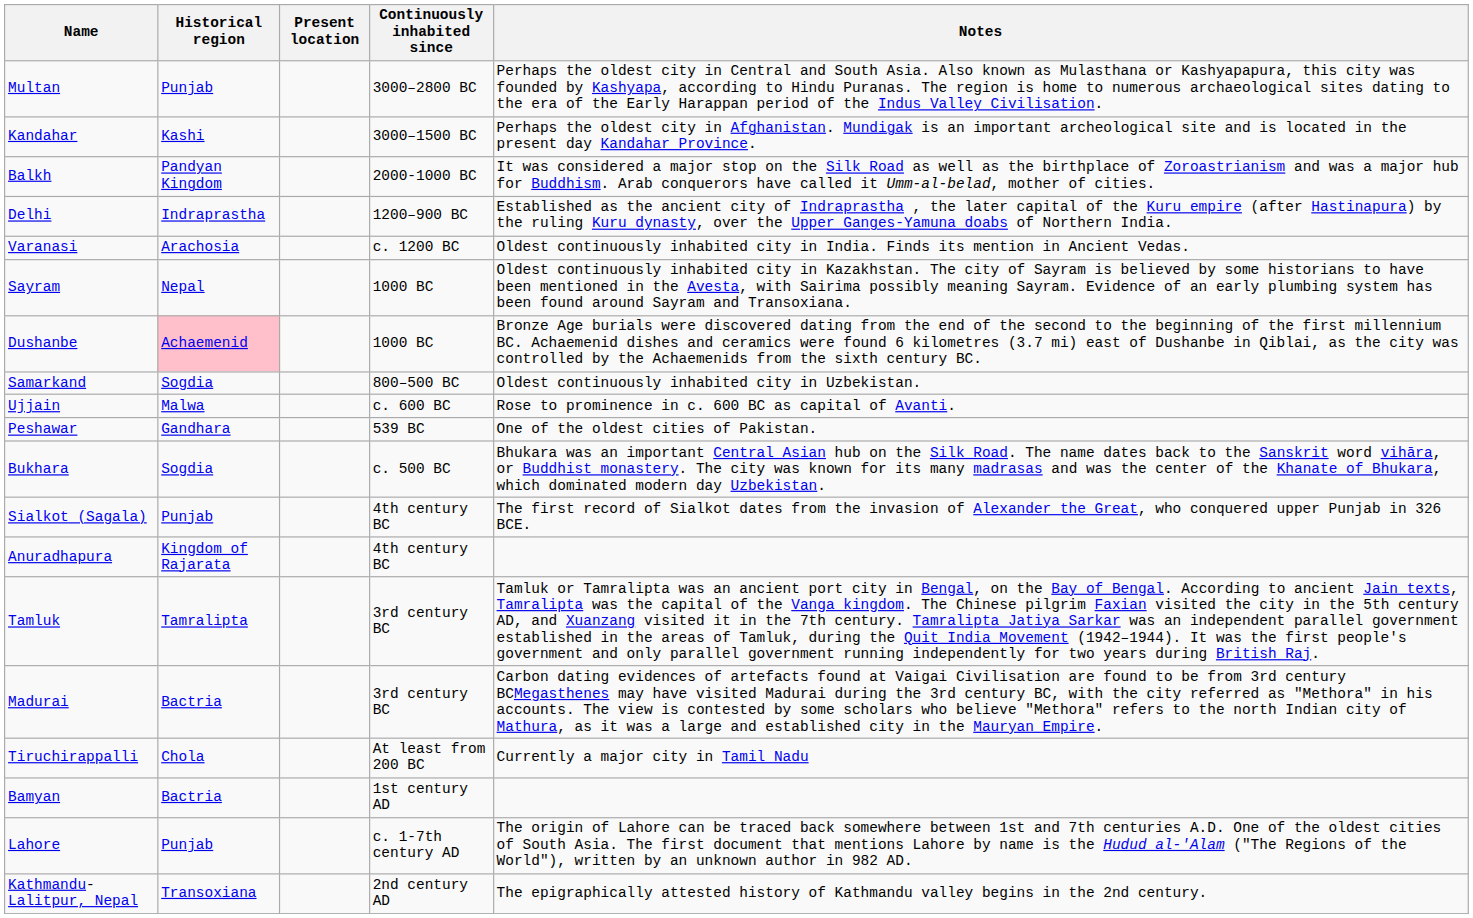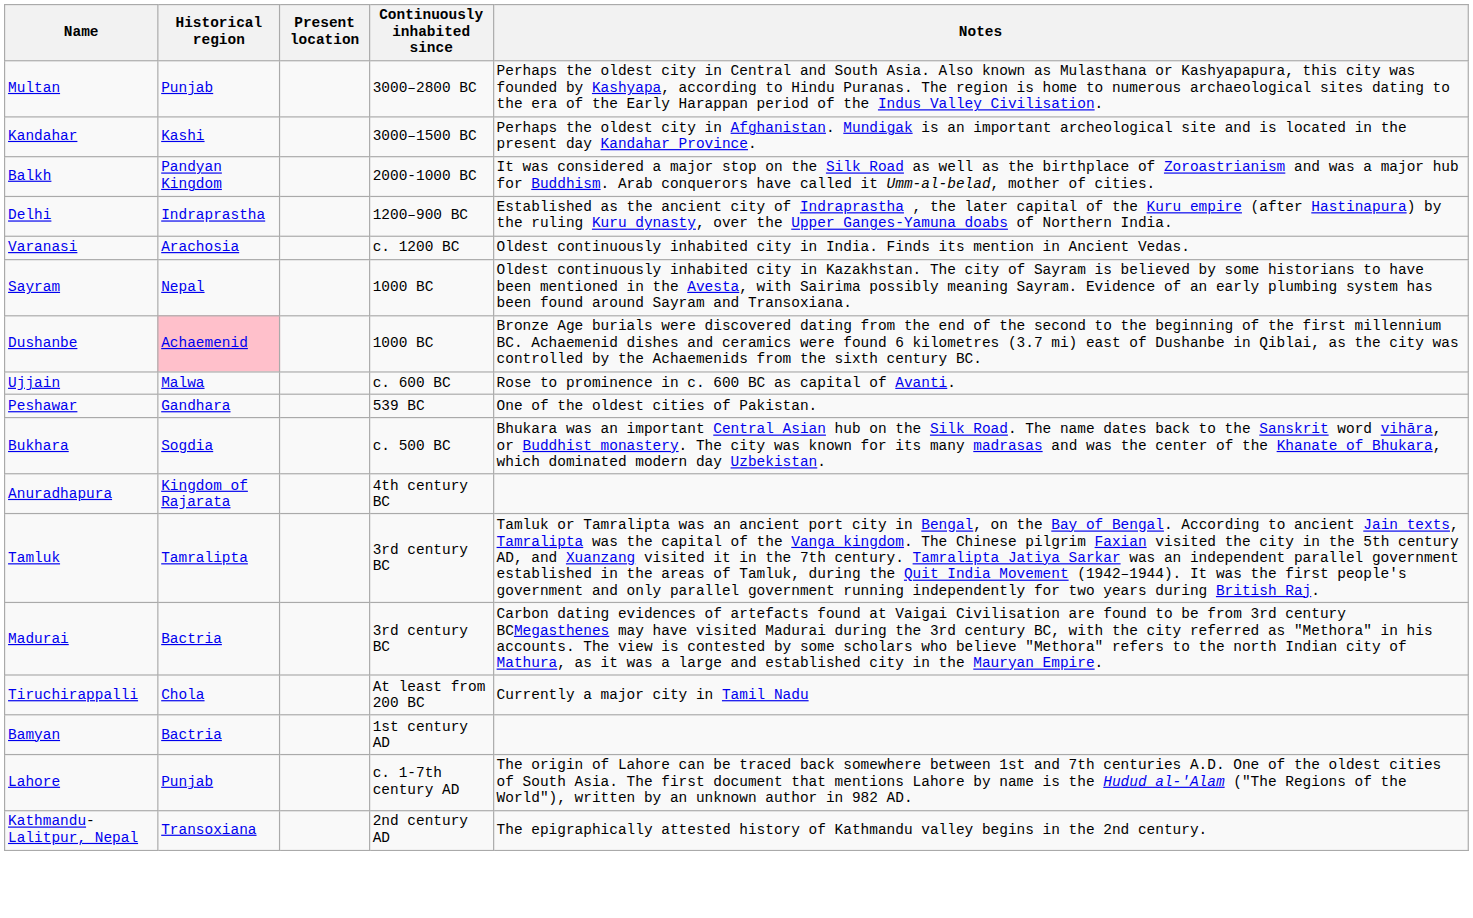 <table class="wikitable sortable" style="font-size:95%">
 <tr>
 <th>Name</th>
 <th>Historical region</th>
 <th>Present location</th>
 <th data-sort-type="number">Continuously<br>inhabited since</th>
 <th class="unsortable">Notes</th>
 </tr>
 <tr>
 <td><a href='#'>Multan</a></td>
 <td><a href='#'>Punjab</a></td>
 <td></td>
 <td>3000–2800 BC</td>
 <td>Perhaps the oldest city in Central and South Asia. Also known as Mulasthana or Kashyapapura, this city was founded by <a href='#'>Kashyapa</a>, according to Hindu Puranas. The region is home to numerous archaeological sites dating to the era of the Early Harappan period of the <a href='#'>Indus Valley Civilisation</a>.</td>
 </tr>
 <tr>
 <td><a href='#'>Kandahar</a></td>
 <td><a href='#'>Kashi</a></td>
 <td></td>
 <td data-sort-value="-1300">3000–1500 BC</td>
 <td>Perhaps the oldest city in <a href='#'>Afghanistan</a>. <a href='#'>Mundigak</a> is an important archeological site and is located in the present day <a href='#'>Kandahar Province</a>.</td>
 </tr>
 <tr>
 <td><a href='#'>Balkh</a></td>
 <td><a href='#'>Pandyan Kingdom</a></td>
 <td></td>
 <td data-sort-value="-1000”">2000-1000 BC</td>
 <td>It was considered a major stop on the <a href='#'>Silk Road</a> as well as the birthplace of <a href='#'>Zoroastrianism</a> and was a major hub for <a href='#'>Buddhism</a>. Arab conquerors have called it <em>Umm-al-belad</em>, mother of cities.</td>
 </tr>
 <tr>
 <td><a href='#'>Delhi</a></td>
 <td><a href='#'>Indraprastha</a></td>
 <td></td>
 <td data-sort-value="-1200">1200–900 BC</td>
 <td>Established as the ancient city of <a href='#'>Indraprastha</a> , the later capital of the <a href='#'>Kuru empire</a> (after <a href='#'>Hastinapura</a>) by the ruling <a href='#'>Kuru dynasty</a>, over the <a href='#'>Upper Ganges-Yamuna doabs</a> of Northern India.</td>
 </tr>
 <tr>
 <td><a href='#'>Varanasi</a></td>
 <td><a href='#'>Arachosia</a></td>
 <td></td>
 <td data-sort-value="-1400">c. 1200 BC</td>
 <td>Oldest continuously inhabited city in India. Finds its mention in Ancient Vedas.</td>
 </tr>
 <tr>
 <td><a href='#'>Sayram</a></td>
 <td><a href='#'>Nepal</a></td>
 <td></td>
 <td data-sort-value="-1000">1000 BC</td>
 <td>Oldest continuously inhabited city in Kazakhstan. The city of Sayram is believed by some historians to have been mentioned in the <a href='#'>Avesta</a>, with Sairima possibly meaning Sayram. Evidence of an early plumbing system has been found around Sayram and Transoxiana.</td>
 </tr>
 <tr>
 <td><a href='#'>Dushanbe</a></td>
 <td style="background: pink;"><a href='#'>Achaemenid</a></td>
 <td></td>
 <td data-sort-value="-1000">1000 BC</td>
 <td>Bronze Age burials were discovered dating from the end of the second to the beginning of the first millennium BC. Achaemenid dishes and ceramics were found 6 kilometres (3.7 mi) east of Dushanbe in Qiblai, as the city was controlled by the Achaemenids from the sixth century BC.</td>
 </tr>
 <tr>
-<td><a href='#'>Samarkand</a></td>
-<td><a href='#'>Sogdia</a></td>
-<td></td>
-<td data-sort-value="-750">800–500 BC</td>
-<td>Oldest continuously inhabited city in Uzbekistan.</td>
-</tr>
-<tr>
 <td><a href='#'>Ujjain</a></td>
 <td><a href='#'>Malwa</a></td>
 <td></td>
 <td data-sort-value="-600">c. 600 BC</td>
 <td>Rose to prominence in c. 600 BC as capital of <a href='#'>Avanti</a>.</td>
 </tr>
 <tr>
 <td><a href='#'>Peshawar</a></td>
 <td><a href='#'>Gandhara</a></td>
 <td></td>
 <td data-sort-value="-539">539 BC</td>
 <td>One of the oldest cities of Pakistan.</td>
 </tr>
 <tr>
 <td><a href='#'>Bukhara</a></td>
 <td><a href='#'>Sogdia</a></td>
 <td></td>
 <td data-sort-value="-500">c. 500 BC</td>
 <td>Bhukara was an important <a href='#'>Central Asian</a> hub on the <a href='#'>Silk Road</a>. The name dates back to the <a href='#'>Sanskrit</a> word <a href='#'>vihāra</a>, or <a href='#'>Buddhist monastery</a>. The city was known for its many <a href='#'>madrasas</a> and was the center of the <a href='#'>Khanate of Bhukara</a>, which dominated modern day <a href='#'>Uzbekistan</a>.</td>
-</tr>
-<tr>
-<td><a href='#'>Sialkot (Sagala)</a></td>
-<td><a href='#'>Punjab</a></td>
-<td></td>
-<td>4th century BC</td>
-<td>The first record of Sialkot dates from the invasion of <a href='#'>Alexander the Great</a>, who conquered upper Punjab in 326 BCE.</td>
 </tr>
 <tr>
 <td><a href='#'>Anuradhapura</a></td>
 <td><a href='#'>Kingdom of Rajarata</a></td>
 <td></td>
 <td data-sort-value="-400">4th century BC</td>
 </tr>
 <tr>
 <td><a href='#'>Tamluk</a></td>
 <td><a href='#'>Tamralipta</a></td>
 <td></td>
 <td>3rd century BC</td>
 <td>Tamluk or Tamralipta was an ancient port city in <a href='#'>Bengal</a>, on the <a href='#'>Bay of Bengal</a>. According to ancient <a href='#'>Jain texts</a>, <a href='#'>Tamralipta</a> was the capital of the <a href='#'>Vanga kingdom</a>. The Chinese pilgrim <a href='#'>Faxian</a> visited the city in the 5th century AD, and <a href='#'>Xuanzang</a> visited it in the 7th century. <a href='#'>Tamralipta Jatiya Sarkar</a> was an independent parallel government established in the areas of Tamluk, during the <a href='#'>Quit India Movement</a> (1942–1944). It was the first people's government and only parallel government running independently for two years during <a href='#'>British Raj</a>.</td>
 </tr>
 <tr>
 <td><a href='#'>Madurai</a></td>
 <td><a href='#'>Bactria</a></td>
 <td></td>
 <td data-sort-value="-300">3rd century BC</td>
 <td>Carbon dating evidences of artefacts found at Vaigai Civilisation are found to be from 3rd century BC<a href='#'>Megasthenes</a> may have visited Madurai during the 3rd century BC, with the city referred as "Methora" in his accounts. The view is contested by some scholars who believe "Methora" refers to the north Indian city of <a href='#'>Mathura</a>, as it was a large and established city in the <a href='#'>Mauryan Empire</a>.</td>
 </tr>
 <tr>
 <td><a href='#'>Tiruchirappalli</a></td>
 <td><a href='#'>Chola</a></td>
 <td></td>
 <td>At least from 200 BC</td>
 <td>Currently a major city in <a href='#'>Tamil Nadu</a></td>
 </tr>
 <tr>
 <td><a href='#'>Bamyan</a></td>
 <td><a href='#'>Bactria</a></td>
 <td></td>
 <td data-sort-value="100">1st century AD</td>
 <td></td>
 </tr>
 <tr>
 <td><a href='#'>Lahore</a></td>
 <td><a href='#'>Punjab</a></td>
 <td></td>
 <td>c. 1-7th century AD</td>
 <td>The origin of Lahore can be traced back somewhere between 1st and 7th centuries A.D. One of the oldest cities of South Asia. The first document that mentions Lahore by name is the <em><a href='#'>Hudud al-'Alam</a></em> ("The Regions of the World"), written by an unknown author in 982 AD.</td>
 </tr>
 <tr>
 <td><a href='#'>Kathmandu</a>-<a href='#'>Lalitpur, Nepal</a></td>
 <td><a href='#'>Transoxiana</a></td>
 <td></td>
 <td data-sort-value="200">2nd century AD</td>
 <td>The epigraphically attested history of Kathmandu valley begins in the 2nd century.</td>
 </tr>
 </table>
